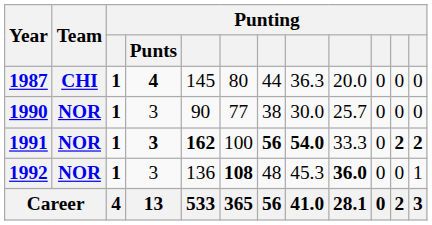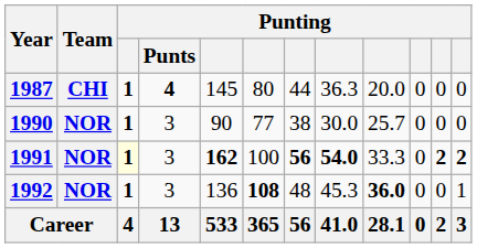 <table class=wikitable style="text-align:center;">
 <tr>
 <th rowspan="2">Year</th>
 <th rowspan="2">Team</th>
 <th colspan="10">Punting</th>
 </tr>
 <tr>
 <th></th>
 <th>Punts</th>
 <th></th>
 <th></th>
 <th></th>
 <th></th>
 <th></th>
 <th></th>
 <th></th>
 <th></th>
 </tr>
 <tr>
 <th><a href='#'>1987</a></th>
 <th><a href='#'>CHI</a></th>
 <td><strong>1</strong></td>
 <td><strong>4</strong></td>
 <td>145</td>
 <td>80</td>
 <td>44</td>
 <td>36.3</td>
 <td>20.0</td>
 <td>0</td>
 <td>0</td>
 <td>0</td>
 </tr>
 <tr>
 <th><a href='#'>1990</a></th>
 <th><a href='#'>NOR</a></th>
 <td><strong>1</strong></td>
 <td>3</td>
 <td>90</td>
 <td>77</td>
 <td>38</td>
 <td>30.0</td>
 <td>25.7</td>
 <td>0</td>
 <td>0</td>
 <td>0</td>
 </tr>
 <tr>
 <th><a href='#'>1991</a></th>
 <th><a href='#'>NOR</a></th>
-<td><strong>1</strong></td>
-<td><strong>3</strong></td>
+<td style="background: lightyellow;"><strong>1</strong></td>
+<td>3</td>
 <td><strong>162</strong></td>
 <td>100</td>
 <td><strong>56</strong></td>
 <td><strong>54.0</strong></td>
 <td>33.3</td>
 <td>0</td>
 <td><strong>2</strong></td>
 <td><strong>2</strong></td>
 </tr>
 <tr>
 <th><a href='#'>1992</a></th>
 <th><a href='#'>NOR</a></th>
 <td><strong>1</strong></td>
 <td>3</td>
 <td>136</td>
 <td><strong>108</strong></td>
 <td>48</td>
 <td>45.3</td>
 <td><strong>36.0</strong></td>
 <td>0</td>
 <td>0</td>
 <td>1</td>
 </tr>
 <tr>
 <th colspan="2">Career</th>
 <th>4</th>
 <th>13</th>
 <th>533</th>
 <th>365</th>
 <th>56</th>
 <th>41.0</th>
 <th>28.1</th>
 <th>0</th>
 <th>2</th>
 <th>3</th>
 </tr>
 </table>
